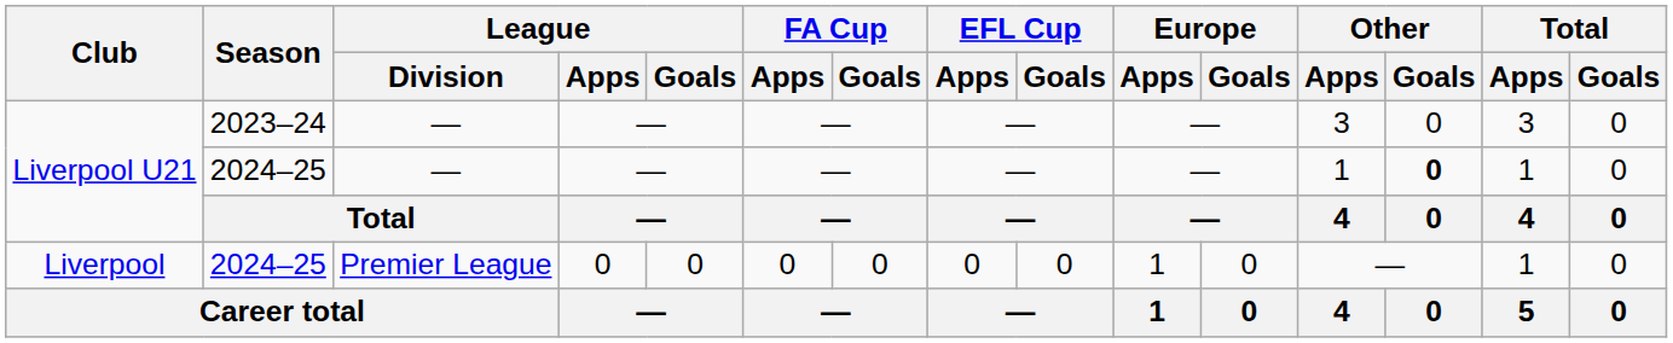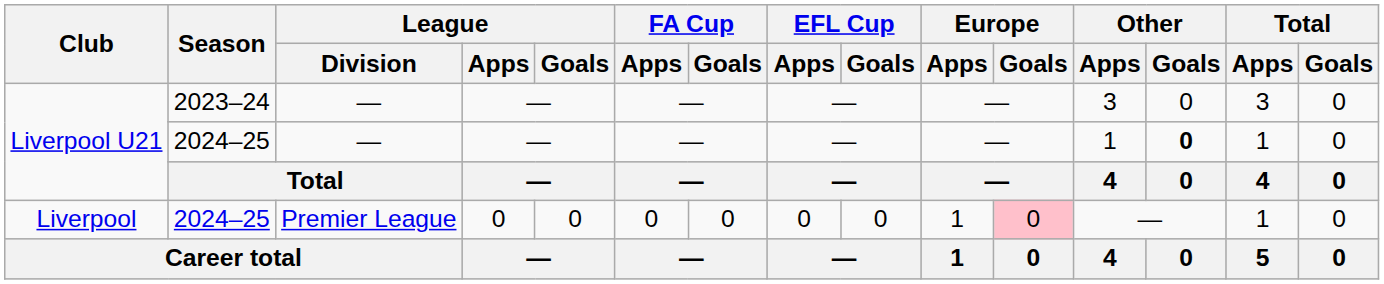 <table class="wikitable" style="text-align: center;">
 <tr>
 <th rowspan="2">Club</th>
 <th rowspan="2">Season</th>
 <th colspan="3">League</th>
 <th colspan="2"><a href='#'>FA Cup</a></th>
 <th colspan="2"><a href='#'>EFL Cup</a></th>
 <th colspan="2">Europe</th>
 <th colspan="2">Other</th>
 <th colspan="2">Total</th>
 </tr>
 <tr>
 <th>Division</th>
 <th>Apps</th>
 <th>Goals</th>
 <th>Apps</th>
 <th>Goals</th>
 <th>Apps</th>
 <th>Goals</th>
 <th>Apps</th>
 <th>Goals</th>
 <th>Apps</th>
 <th>Goals</th>
 <th>Apps</th>
 <th>Goals</th>
 </tr>
 <tr>
 <td rowspan="3"><a href='#'>Liverpool U21</a></td>
 <td>2023–24</td>
 <td>—</td>
 <td colspan="2">—</td>
 <td colspan="2">—</td>
 <td colspan="2">—</td>
 <td colspan="2">—</td>
 <td>3</td>
 <td>0</td>
 <td>3</td>
 <td>0</td>
 </tr>
 <tr>
 <td>2024–25</td>
 <td>—</td>
 <td colspan="2">—</td>
 <td colspan="2">—</td>
 <td colspan="2">—</td>
 <td colspan="2">—</td>
 <td>1</td>
 <td><strong>0</strong></td>
 <td>1</td>
 <td>0</td>
 </tr>
 <tr>
 <th colspan="2">Total</th>
 <th colspan="2">—</th>
 <th colspan="2">—</th>
 <th colspan="2">—</th>
 <th colspan="2">—</th>
 <th>4</th>
 <th>0</th>
 <th>4</th>
 <th>0</th>
 </tr>
 <tr>
 <td><a href='#'>Liverpool</a></td>
 <td><a href='#'>2024–25</a></td>
 <td><a href='#'>Premier League</a></td>
 <td>0</td>
 <td>0</td>
 <td>0</td>
 <td>0</td>
 <td>0</td>
 <td>0</td>
 <td>1</td>
-<td>0</td>
+<td style="background: pink;">0</td>
 <td colspan="2">—</td>
 <td>1</td>
 <td>0</td>
 </tr>
 <tr>
 <th colspan="3">Career total</th>
 <th colspan="2">—</th>
 <th colspan="2">—</th>
 <th colspan="2">—</th>
 <th>1</th>
 <th>0</th>
 <th>4</th>
 <th>0</th>
 <th>5</th>
 <th>0</th>
 </tr>
 </table>
